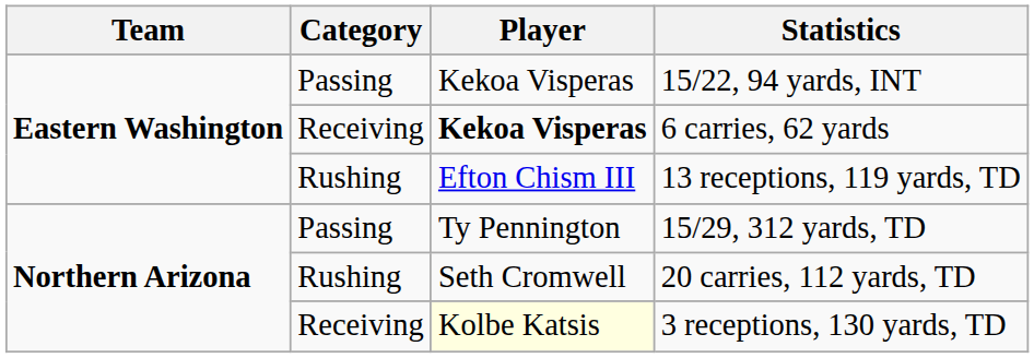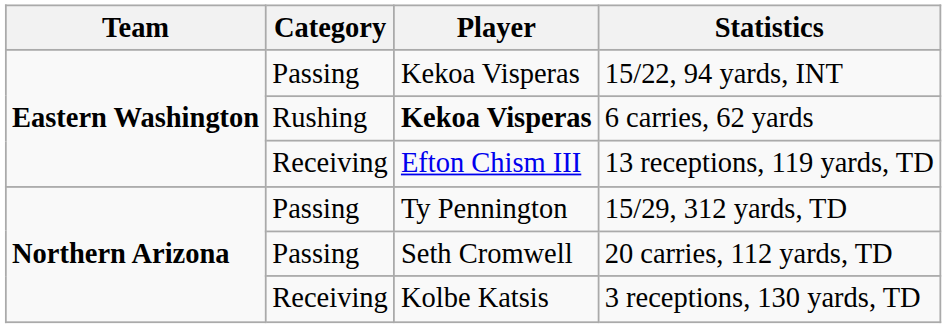 <table class="wikitable" style="float: right;">
 <tr>
 <th>Team</th>
 <th>Category</th>
 <th>Player</th>
 <th>Statistics</th>
 </tr>
 <tr>
 <td rowspan=3><strong>Eastern Washington</strong></td>
 <td>Passing</td>
 <td>Kekoa Visperas</td>
 <td>15/22, 94 yards, INT</td>
 </tr>
 <tr>
-<td>Receiving</td>
+<td>Rushing</td>
 <td><strong>Kekoa Visperas</strong></td>
 <td>6 carries, 62 yards</td>
 </tr>
 <tr>
-<td>Rushing</td>
+<td>Receiving</td>
 <td><a href='#'>Efton Chism III</a></td>
 <td>13 receptions, 119 yards, TD</td>
 </tr>
 <tr>
 <td rowspan=3><strong>Northern Arizona</strong></td>
 <td>Passing</td>
 <td>Ty Pennington</td>
 <td>15/29, 312 yards, TD</td>
 </tr>
 <tr>
-<td>Rushing</td>
+<td>Passing</td>
 <td>Seth Cromwell</td>
 <td>20 carries, 112 yards, TD</td>
 </tr>
 <tr>
 <td>Receiving</td>
-<td style="background: lightyellow;">Kolbe Katsis</td>
+<td>Kolbe Katsis</td>
 <td>3 receptions, 130 yards, TD</td>
 </tr>
 </table>
